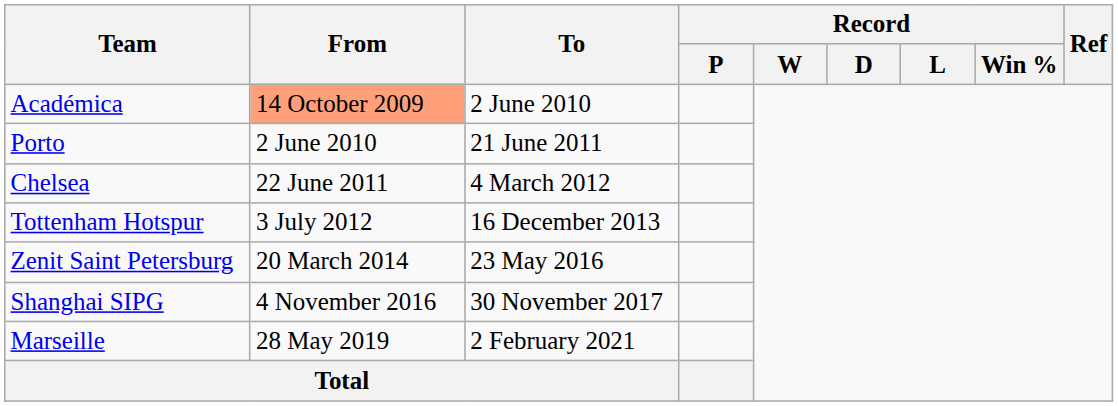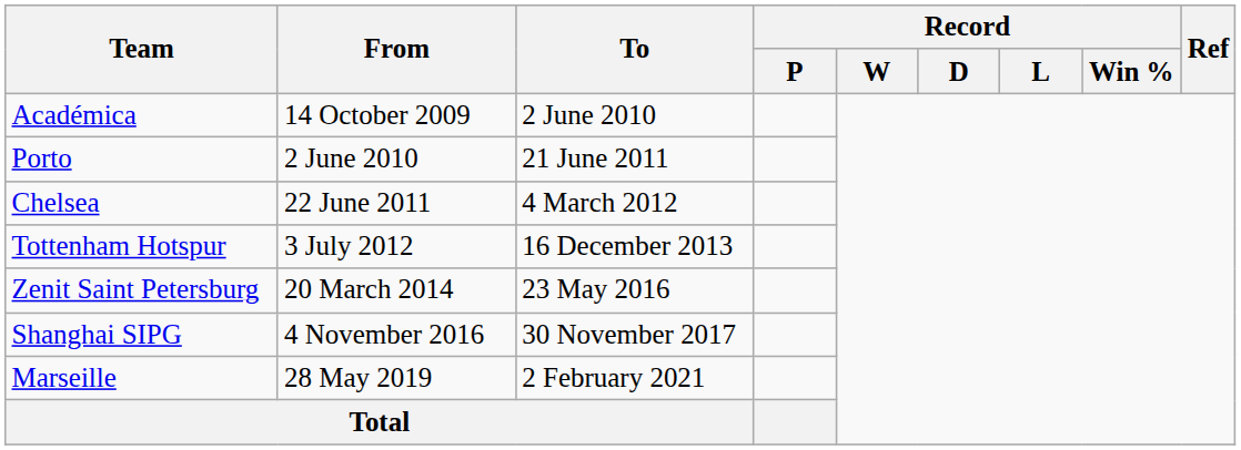 <table class="wikitable" style="text-align: center">
 <tr>
 <th rowspan=2! width=150>Team</th>
 <th rowspan=2! width=130>From</th>
 <th rowspan=2! width=130>To</th>
 <th colspan=5>Record</th>
 <th rowspan=2>Ref</th>
 </tr>
 <tr>
 <th width=40>P</th>
 <th width=40>W</th>
 <th width=40>D</th>
 <th width=40>L</th>
 <th width=50>Win %</th>
 </tr>
 <tr>
 <td align=left><a href='#'>Académica</a></td>
-<td align=left style="background: lightsalmon;">14 October 2009</td>
+<td align=left>14 October 2009</td>
 <td align=left>2 June 2010<br></td>
 <td></td>
 </tr>
 <tr>
 <td align=left><a href='#'>Porto</a></td>
 <td align=left>2 June 2010</td>
 <td align=left>21 June 2011<br></td>
 <td></td>
 </tr>
 <tr>
 <td align=left><a href='#'>Chelsea</a></td>
 <td align=left>22 June 2011</td>
 <td align=left>4 March 2012<br></td>
 <td></td>
 </tr>
 <tr>
 <td align=left><a href='#'>Tottenham Hotspur</a></td>
 <td align=left>3 July 2012</td>
 <td align=left>16 December 2013<br></td>
 <td></td>
 </tr>
 <tr>
 <td align=left><a href='#'>Zenit Saint Petersburg</a></td>
 <td align=left>20 March 2014</td>
 <td align=left>23 May 2016<br></td>
 <td></td>
 </tr>
 <tr>
 <td align=left><a href='#'>Shanghai SIPG</a></td>
 <td align=left>4 November 2016</td>
 <td align=left>30 November 2017<br></td>
 <td></td>
 </tr>
 <tr>
 <td align=left><a href='#'>Marseille</a></td>
 <td align=left>28 May 2019</td>
 <td align=left>2 February 2021<br></td>
 <td></td>
 </tr>
 <tr>
 <th colspan="3">Total<br></th>
 <th></th>
 </tr>
 </table>
